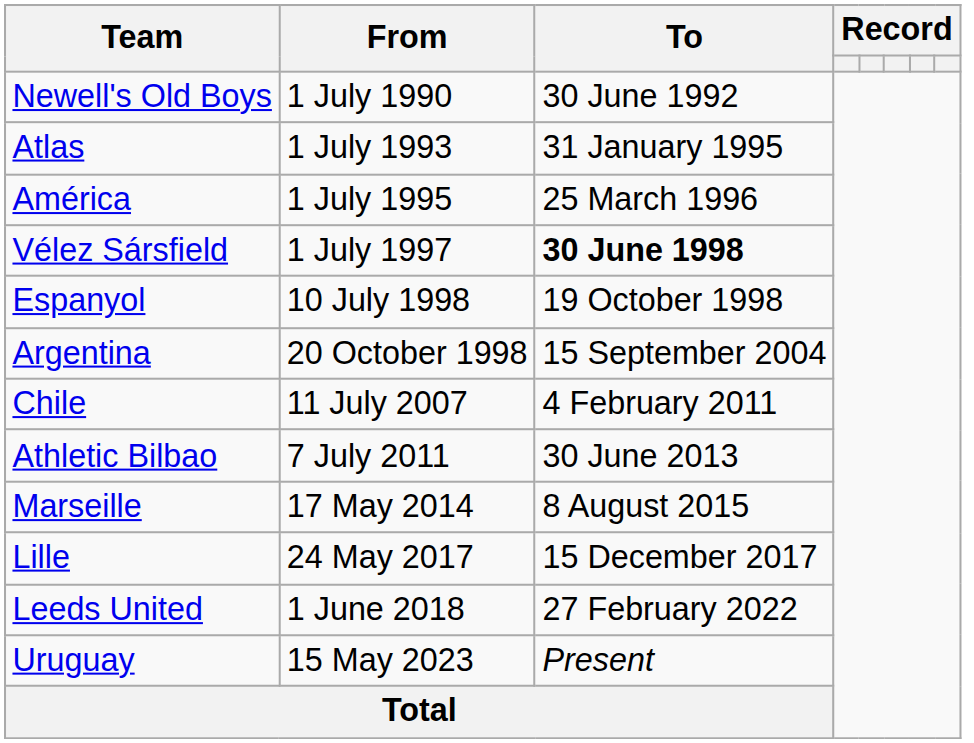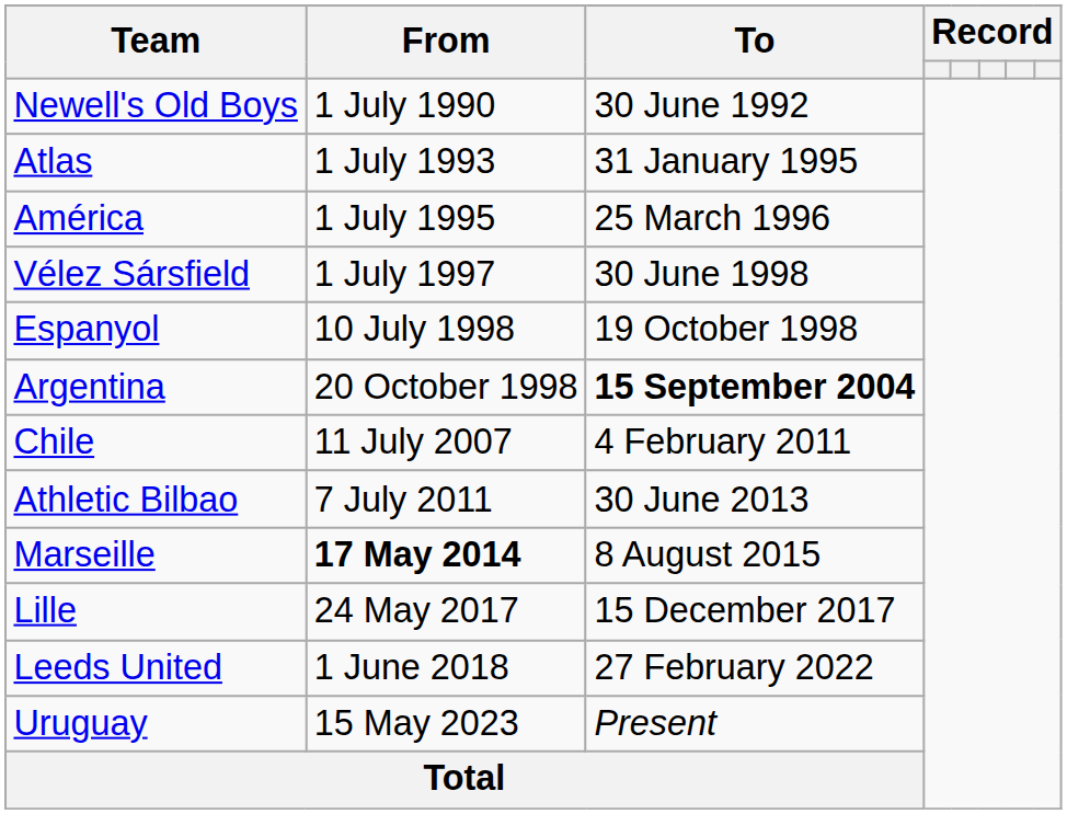 <table class=wikitable style=text-align:center>
 <tr>
 <th rowspan=2>Team</th>
 <th rowspan=2>From</th>
 <th rowspan=2>To</th>
 <th colspan=5>Record</th>
 </tr>
 <tr>
 <th></th>
 <th></th>
 <th></th>
 <th></th>
 <th></th>
 </tr>
 <tr>
 <td align=left><a href='#'>Newell's Old Boys</a></td>
 <td align=left>1 July 1990</td>
 <td align=left>30 June 1992<br></td>
 </tr>
 <tr>
 <td align=left><a href='#'>Atlas</a></td>
 <td align=left>1 July 1993</td>
 <td align=left>31 January 1995<br></td>
 </tr>
 <tr>
 <td align=left><a href='#'>América</a></td>
 <td align=left>1 July 1995</td>
 <td align=left>25 March 1996<br></td>
 </tr>
 <tr>
 <td align=left><a href='#'>Vélez Sársfield</a></td>
 <td align=left>1 July 1997</td>
-<td align=left><strong>30 June 1998<br></strong></td>
+<td align=left>30 June 1998<br></td>
 </tr>
 <tr>
 <td align=left><a href='#'>Espanyol</a></td>
 <td align=left>10 July 1998</td>
 <td align=left>19 October 1998<br></td>
 </tr>
 <tr>
 <td align=left><a href='#'>Argentina</a></td>
 <td align=left>20 October 1998</td>
-<td align=left>15 September 2004<br></td>
+<td align=left><strong>15 September 2004<br></strong></td>
 </tr>
 <tr>
 <td align=left><a href='#'>Chile</a></td>
 <td align=left>11 July 2007</td>
 <td align=left>4 February 2011<br></td>
 </tr>
 <tr>
 <td align=left><a href='#'>Athletic Bilbao</a></td>
 <td align=left>7 July 2011</td>
 <td align=left>30 June 2013<br></td>
 </tr>
 <tr>
 <td align=left><a href='#'>Marseille</a></td>
-<td align=left>17 May 2014</td>
+<td align=left><strong>17 May 2014</strong></td>
 <td align=left>8 August 2015<br></td>
 </tr>
 <tr>
 <td align=left><a href='#'>Lille</a></td>
 <td align=left>24 May 2017</td>
 <td align=left>15 December 2017<br></td>
 </tr>
 <tr>
 <td align=left><a href='#'>Leeds United</a></td>
 <td align=left>1 June 2018</td>
 <td align=left>27 February 2022<br></td>
 </tr>
 <tr>
 <td align=left><a href='#'>Uruguay</a></td>
 <td align=left>15 May 2023</td>
 <td align=left><em>Present</em><br></td>
 </tr>
 <tr>
 <th colspan=3>Total<br></th>
 </tr>
 </table>
